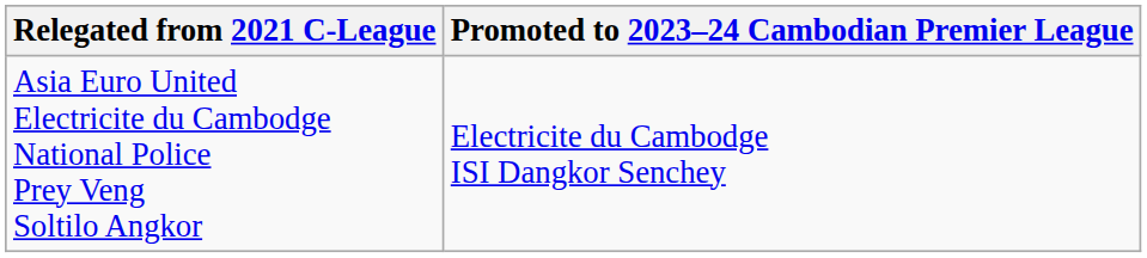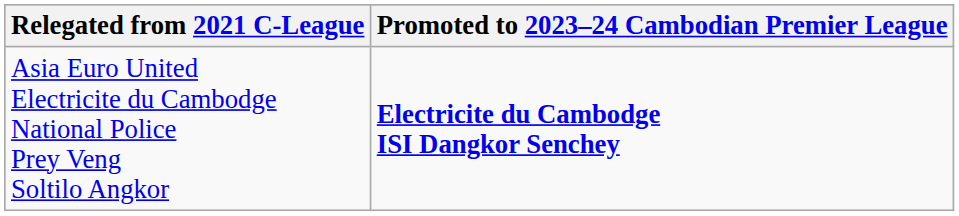 <table class="wikitable">
 <tr>
 <th>Relegated from <a href='#'>2021 C-League</a></th>
 <th>Promoted to <a href='#'>2023–24 Cambodian Premier League</a></th>
 </tr>
 <tr>
 <td><a href='#'>Asia Euro United</a><br><a href='#'>Electricite du Cambodge</a><br><a href='#'>National Police</a><br><a href='#'>Prey Veng</a><br><a href='#'>Soltilo Angkor</a></td>
-<td><a href='#'>Electricite du Cambodge</a><br><a href='#'>ISI Dangkor Senchey</a></td>
+<td><strong><a href='#'>Electricite du Cambodge</a><br><a href='#'>ISI Dangkor Senchey</a></strong></td>
 </tr>
 </table>
